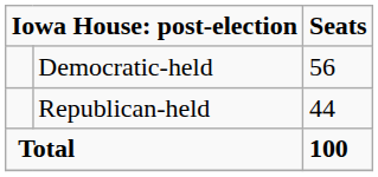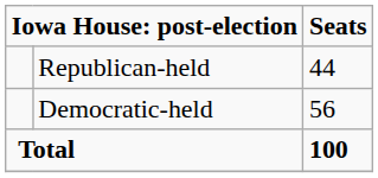 <table class="wikitable">
 <tr>
 <td colspan="2" rowspan="1" align="center" valign="top"><strong>Iowa House: post-election</strong></td>
 <td style="vertical-align:top;"><strong>Seats</strong><br></td>
 </tr>
 <tr>
 <td style="background-color:"> </td>
-<td>Democratic-held</td>
-<td>56</td>
+<td>Republican-held</td>
+<td>44</td>
 </tr>
 <tr>
 <td style="background-color:"> </td>
-<td>Republican-held</td>
-<td>44</td>
+<td>Democratic-held</td>
+<td>56</td>
 </tr>
 <tr>
 <td colspan="2" rowspan="1"> <strong>Total</strong><br></td>
 <td><strong>100</strong></td>
 </tr>
 <tr>
 </tr>
 </table>
